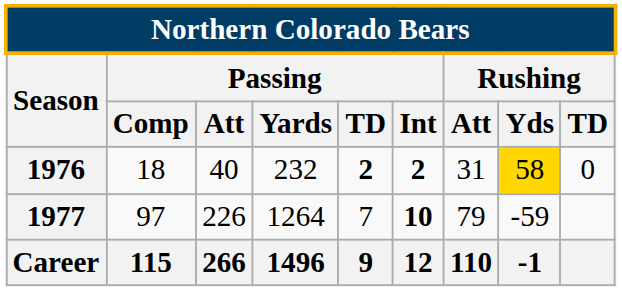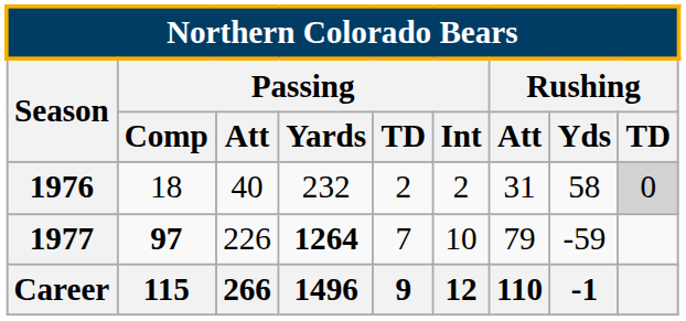 <table class=wikitable style="text-align:center;">
 <tr>
 <th colspan="12" style="background: #013C65; border: 2px solid #F6B000; color:white;">Northern Colorado Bears</th>
 </tr>
 <tr>
 <th rowspan="2">Season</th>
 <th colspan="5">Passing</th>
 <th colspan="3">Rushing</th>
 </tr>
 <tr>
 <th>Comp</th>
 <th>Att</th>
 <th>Yards</th>
 <th>TD</th>
 <th>Int</th>
 <th>Att</th>
 <th>Yds</th>
 <th>TD</th>
 </tr>
 <tr>
 <th>1976</th>
 <td>18</td>
 <td>40</td>
 <td>232</td>
-<td><strong>2</strong></td>
-<td><strong>2</strong></td>
+<td>2</td>
+<td>2</td>
 <td>31</td>
-<td style="background: gold;">58</td>
-<td>0</td>
+<td>58</td>
+<td style="background: lightgrey;">0</td>
 </tr>
 <tr>
 <th>1977</th>
-<td>97</td>
+<td><strong>97</strong></td>
 <td>226</td>
-<td>1264</td>
+<td><strong>1264</strong></td>
 <td>7</td>
-<td><strong>10</strong></td>
+<td>10</td>
 <td>79</td>
 <td>-59</td>
 <td></td>
 </tr>
 <tr>
 <th>Career</th>
 <th>115</th>
 <th>266</th>
 <th>1496</th>
 <th>9</th>
 <th>12</th>
 <th>110</th>
 <th>-1</th>
 <th></th>
 </tr>
 </table>
